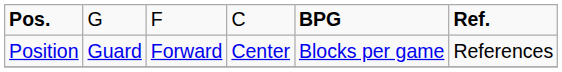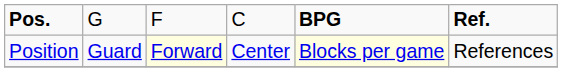 <table class="wikitable">
 <tr>
 <td><strong>Pos.</strong></td>
 <td>G</td>
 <td>F</td>
 <td>C</td>
 <td><strong>BPG</strong></td>
 <td><strong>Ref.</strong></td>
 </tr>
 <tr>
 <td><a href='#'>Position</a></td>
 <td><a href='#'>Guard</a></td>
-<td><a href='#'>Forward</a></td>
+<td style="background: lightyellow;"><a href='#'>Forward</a></td>
 <td><a href='#'>Center</a></td>
-<td><a href='#'>Blocks per game</a></td>
+<td style="background: lightyellow;"><a href='#'>Blocks per game</a></td>
 <td>References</td>
 </tr>
 <tr>
 </tr>
 </table>
